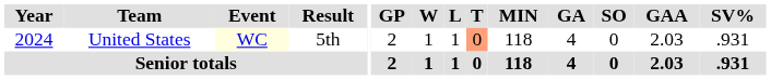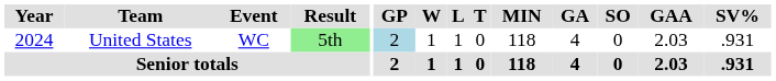 <table border="0" cellpadding="1" cellspacing="0" ID="Table3" style="text-align:center; width:40em;">
 <tr bgcolor="#e0e0e0">
 <th>Year</th>
 <th>Team</th>
 <th>Event</th>
 <th>Result</th>
 <th rowspan="99" bgcolor="#ffffff"></th>
 <th>GP</th>
 <th>W</th>
 <th>L</th>
 <th>T</th>
 <th>MIN</th>
 <th>GA</th>
 <th>SO</th>
 <th>GAA</th>
 <th>SV%</th>
 </tr>
 <tr>
 <td><a href='#'>2024</a></td>
 <td><a href='#'>United States</a></td>
-<td style="background: lightyellow;"><a href='#'>WC</a></td>
-<td>5th</td>
-<td>2</td>
+<td><a href='#'>WC</a></td>
+<td style="background: lightgreen;">5th</td>
+<td style="background: lightblue;">2</td>
 <td>1</td>
 <td>1</td>
-<td style="background: lightsalmon;">0</td>
+<td>0</td>
 <td>118</td>
 <td>4</td>
 <td>0</td>
 <td>2.03</td>
 <td>.931</td>
 </tr>
 <tr bgcolor="#e0e0e0">
 <th colspan="4">Senior totals</th>
 <th>2</th>
 <th>1</th>
 <th>1</th>
 <th>0</th>
 <th>118</th>
 <th>4</th>
 <th>0</th>
 <th>2.03</th>
 <th>.931</th>
 </tr>
 </table>
